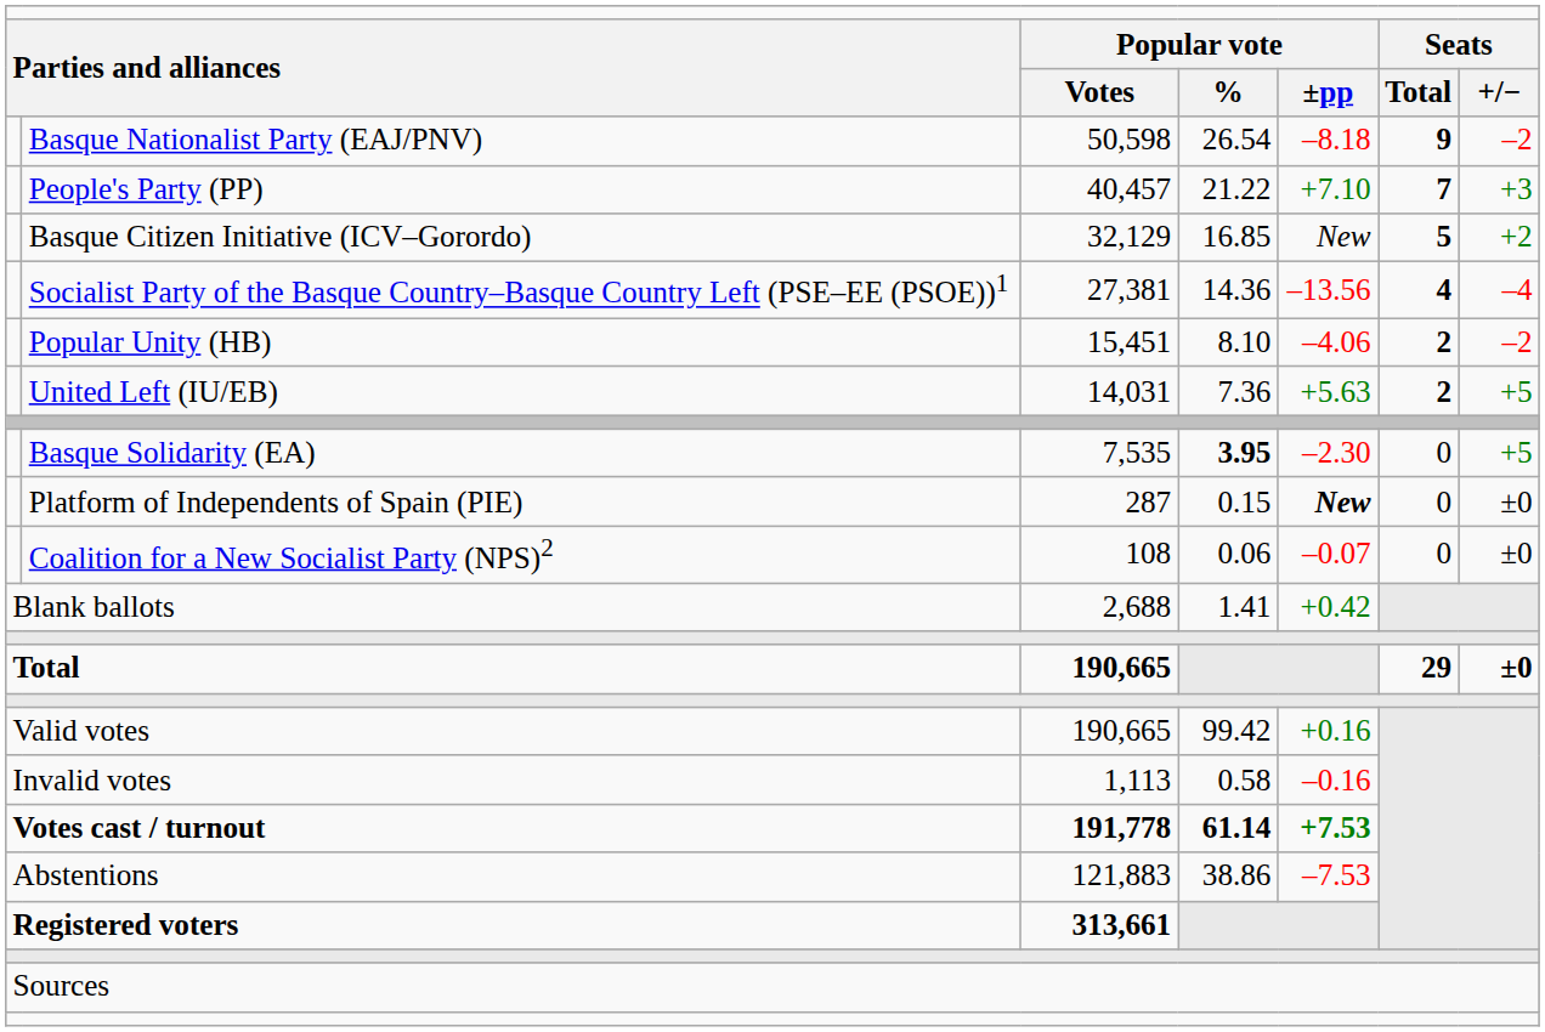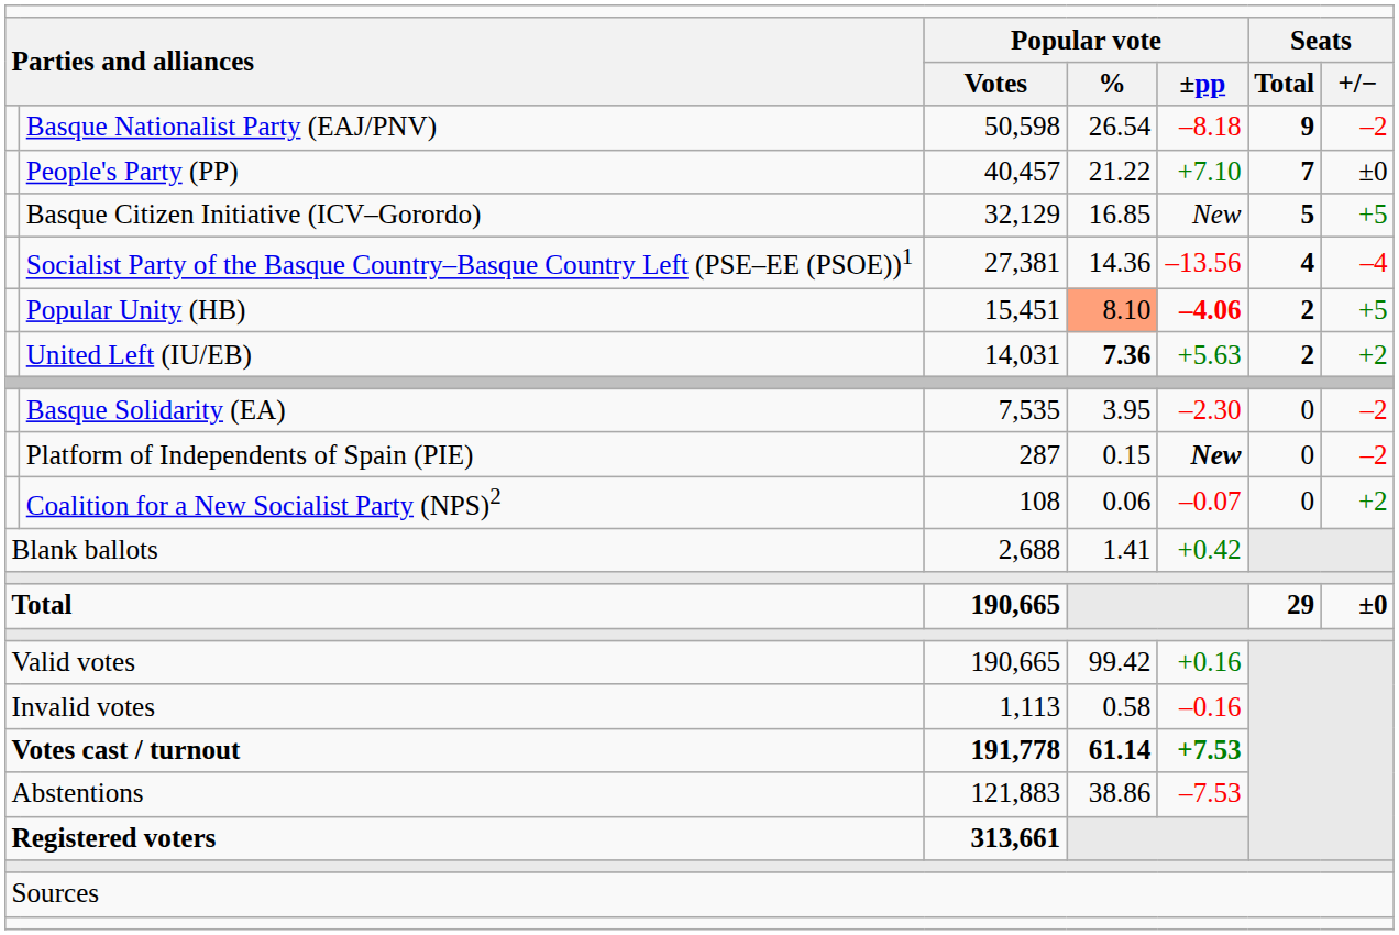 <table class="wikitable" style="text-align:right;">
 <tr>
 <td colspan="7"></td>
 </tr>
 <tr>
 <th style="text-align:left;" rowspan="2" colspan="2" width="525">Parties and alliances</th>
 <th colspan="3">Popular vote</th>
 <th colspan="2">Seats</th>
 </tr>
 <tr>
 <th width="75">Votes</th>
 <th width="45">%</th>
 <th width="45">±<a href='#'>pp</a></th>
 <th width="35">Total</th>
 <th width="35">+/−</th>
 </tr>
 <tr>
 <td width="1" style="color:inherit;background:"></td>
 <td align="left"><a href='#'>Basque Nationalist Party</a> (EAJ/PNV)</td>
 <td>50,598</td>
 <td>26.54</td>
 <td style="color:red;">–8.18</td>
 <td><strong>9</strong></td>
 <td style="color:red;">–2</td>
 </tr>
 <tr>
 <td style="color:inherit;background:"></td>
 <td align="left"><a href='#'>People's Party</a> (PP)</td>
 <td>40,457</td>
 <td>21.22</td>
 <td style="color:green;">+7.10</td>
 <td><strong>7</strong></td>
-<td style="color:green;">+3</td>
+<td>±0</td>
 </tr>
 <tr>
 <td style="color:inherit;background:"></td>
 <td align="left">Basque Citizen Initiative (ICV–Gorordo)</td>
 <td>32,129</td>
 <td>16.85</td>
 <td><em>New</em></td>
 <td><strong>5</strong></td>
-<td style="color:green;">+2</td>
+<td style="color:green;">+5</td>
 </tr>
 <tr>
 <td style="color:inherit;background:"></td>
 <td align="left"><a href='#'>Socialist Party of the Basque Country–Basque Country Left</a> (PSE–EE (PSOE))<sup>1</sup></td>
 <td>27,381</td>
 <td>14.36</td>
 <td style="color:red;">–13.56</td>
 <td><strong>4</strong></td>
 <td style="color:red;">–4</td>
 </tr>
 <tr>
 <td style="color:inherit;background:"></td>
 <td align="left"><a href='#'>Popular Unity</a> (HB)</td>
 <td>15,451</td>
-<td>8.10</td>
-<td style="color:red;">–4.06</td>
+<td style="background: lightsalmon;">8.10</td>
+<td style="color:red;"><strong>–4.06</strong></td>
 <td><strong>2</strong></td>
-<td style="color:red;">–2</td>
+<td style="color:green;">+5</td>
 </tr>
 <tr>
 <td style="color:inherit;background:"></td>
 <td align="left"><a href='#'>United Left</a> (IU/EB)</td>
 <td>14,031</td>
-<td>7.36</td>
+<td><strong>7.36</strong></td>
 <td style="color:green;">+5.63</td>
 <td><strong>2</strong></td>
-<td style="color:green;">+5</td>
+<td style="color:green;">+2</td>
 </tr>
 <tr>
 <td colspan="7" bgcolor="#C0C0C0"></td>
 </tr>
 <tr>
 <td style="color:inherit;background:"></td>
 <td align="left"><a href='#'>Basque Solidarity</a> (EA)</td>
 <td>7,535</td>
-<td><strong>3.95</strong></td>
+<td>3.95</td>
 <td style="color:red;">–2.30</td>
 <td>0</td>
-<td style="color:green;">+5</td>
+<td style="color:red;">–2</td>
 </tr>
 <tr>
 <td style="color:inherit;background:"></td>
 <td align="left">Platform of Independents of Spain (PIE)</td>
 <td>287</td>
 <td>0.15</td>
 <td><strong><em>New</em></strong></td>
 <td>0</td>
-<td>±0</td>
+<td style="color:red;">–2</td>
 </tr>
 <tr>
 <td style="color:inherit;background:"></td>
 <td align="left"><a href='#'>Coalition for a New Socialist Party</a> (NPS)<sup>2</sup></td>
 <td>108</td>
 <td>0.06</td>
 <td style="color:red;">–0.07</td>
 <td>0</td>
-<td>±0</td>
+<td style="color:green;">+2</td>
 </tr>
 <tr>
 <td align="left" colspan="2">Blank ballots</td>
 <td>2,688</td>
 <td>1.41</td>
 <td style="color:green;">+0.42</td>
 <td bgcolor="#E9E9E9" colspan="2"></td>
 </tr>
 <tr>
 <td colspan="7" bgcolor="#E9E9E9"></td>
 </tr>
 <tr style="font-weight:bold;">
 <td align="left" colspan="2">Total</td>
 <td>190,665</td>
 <td bgcolor="#E9E9E9" colspan="2"></td>
 <td>29</td>
 <td>±0</td>
 </tr>
 <tr>
 <td colspan="7" bgcolor="#E9E9E9"></td>
 </tr>
 <tr>
 <td align="left" colspan="2">Valid votes</td>
 <td>190,665</td>
 <td>99.42</td>
 <td style="color:green;">+0.16</td>
 <td bgcolor="#E9E9E9" colspan="2" rowspan="5"></td>
 </tr>
 <tr>
 <td align="left" colspan="2">Invalid votes</td>
 <td>1,113</td>
 <td>0.58</td>
 <td style="color:red;">–0.16</td>
 </tr>
 <tr style="font-weight:bold;">
 <td align="left" colspan="2">Votes cast / turnout</td>
 <td>191,778</td>
 <td>61.14</td>
 <td style="color:green;">+7.53</td>
 </tr>
 <tr>
 <td align="left" colspan="2">Abstentions</td>
 <td>121,883</td>
 <td>38.86</td>
 <td style="color:red;">–7.53</td>
 </tr>
 <tr style="font-weight:bold;">
 <td align="left" colspan="2">Registered voters</td>
 <td>313,661</td>
 <td bgcolor="#E9E9E9" colspan="2"></td>
 </tr>
 <tr>
 <td colspan="7" bgcolor="#E9E9E9"></td>
 </tr>
 <tr>
 <td align="left" colspan="7">Sources</td>
 </tr>
 <tr>
 <td colspan="7" style="text-align:left; max-width:790px;"></td>
 </tr>
 </table>
